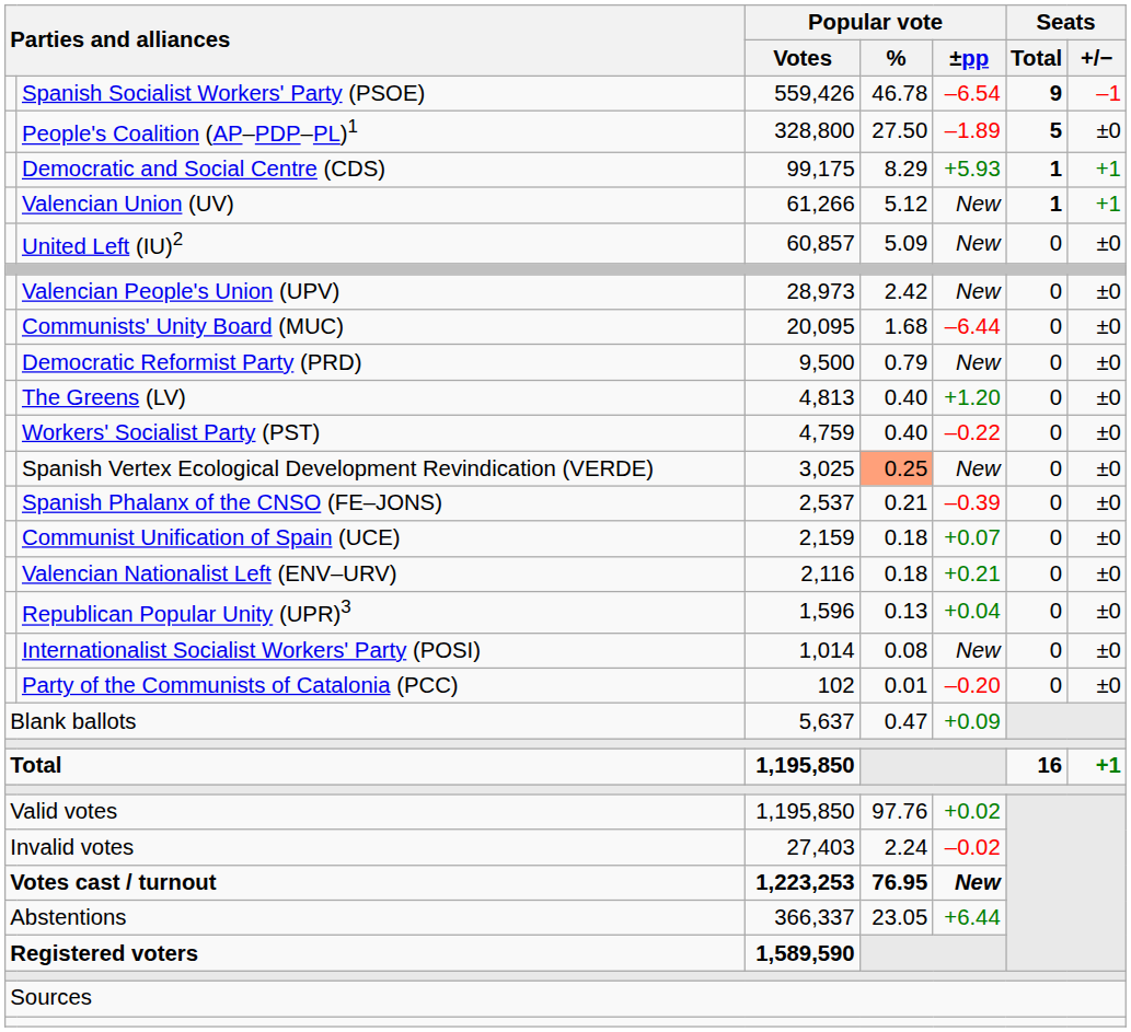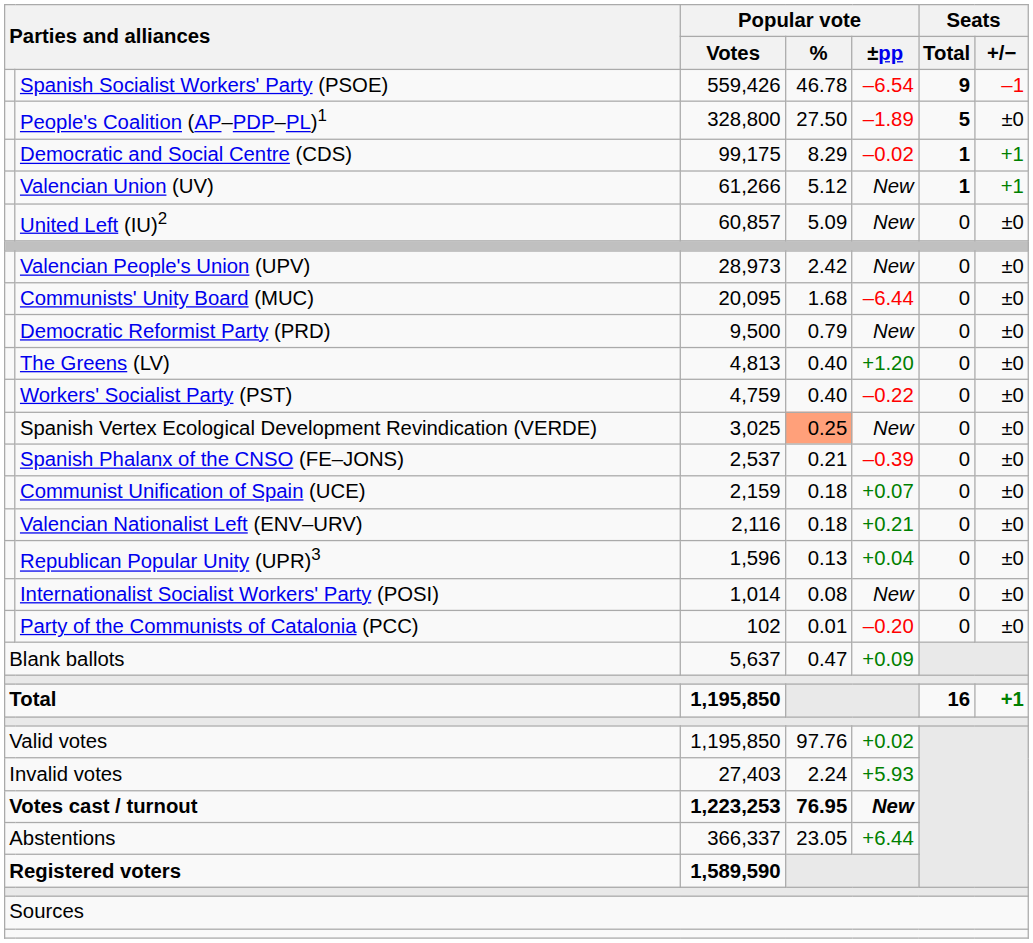 <table class="wikitable" style="text-align:right;">
 <tr>
 <th style="text-align:left;" rowspan="2" colspan="2" width="525">Parties and alliances</th>
 <th colspan="3">Popular vote</th>
 <th colspan="2">Seats</th>
 </tr>
 <tr>
 <th width="75">Votes</th>
 <th width="45">%</th>
 <th width="45">±<a href='#'>pp</a></th>
 <th width="35">Total</th>
 <th width="35">+/−</th>
 </tr>
 <tr>
 <td width="1" style="color:inherit;background:"></td>
 <td align="left"><a href='#'>Spanish Socialist Workers' Party</a> (PSOE)</td>
 <td>559,426</td>
 <td>46.78</td>
 <td style="color:red;">–6.54</td>
 <td><strong>9</strong></td>
 <td style="color:red;">–1</td>
 </tr>
 <tr>
 <td style="color:inherit;background:"></td>
 <td align="left"><a href='#'>People's Coalition</a> (<a href='#'>AP</a>–<a href='#'>PDP</a>–<a href='#'>PL</a>)<sup>1</sup></td>
 <td>328,800</td>
 <td>27.50</td>
 <td style="color:red;">–1.89</td>
 <td><strong>5</strong></td>
 <td>±0</td>
 </tr>
 <tr>
 <td style="color:inherit;background:"></td>
 <td align="left"><a href='#'>Democratic and Social Centre</a> (CDS)</td>
 <td>99,175</td>
 <td>8.29</td>
-<td style="color:green;">+5.93</td>
+<td style="color:red;">–0.02</td>
 <td><strong>1</strong></td>
 <td style="color:green;">+1</td>
 </tr>
 <tr>
 <td style="color:inherit;background:"></td>
 <td align="left"><a href='#'>Valencian Union</a> (UV)</td>
 <td>61,266</td>
 <td>5.12</td>
 <td><em>New</em></td>
 <td><strong>1</strong></td>
 <td style="color:green;">+1</td>
 </tr>
 <tr>
 <td style="color:inherit;background:"></td>
 <td align="left"><a href='#'>United Left</a> (IU)<sup>2</sup></td>
 <td>60,857</td>
 <td>5.09</td>
 <td><em>New</em></td>
 <td>0</td>
 <td>±0</td>
 </tr>
 <tr>
 <td colspan="7" bgcolor="#C0C0C0"></td>
 </tr>
 <tr>
 <td style="color:inherit;background:"></td>
 <td align="left"><a href='#'>Valencian People's Union</a> (UPV)</td>
 <td>28,973</td>
 <td>2.42</td>
 <td><em>New</em></td>
 <td>0</td>
 <td>±0</td>
 </tr>
 <tr>
 <td style="color:inherit;background:"></td>
 <td align="left"><a href='#'>Communists' Unity Board</a> (MUC)</td>
 <td>20,095</td>
 <td>1.68</td>
 <td style="color:red;">–6.44</td>
 <td>0</td>
 <td>±0</td>
 </tr>
 <tr>
 <td style="color:inherit;background:"></td>
 <td align="left"><a href='#'>Democratic Reformist Party</a> (PRD)</td>
 <td>9,500</td>
 <td>0.79</td>
 <td><em>New</em></td>
 <td>0</td>
 <td>±0</td>
 </tr>
 <tr>
 <td style="color:inherit;background:"></td>
 <td align="left"><a href='#'>The Greens</a> (LV)</td>
 <td>4,813</td>
 <td>0.40</td>
 <td style="color:green;">+1.20</td>
 <td>0</td>
 <td>±0</td>
 </tr>
 <tr>
 <td style="color:inherit;background:"></td>
 <td align="left"><a href='#'>Workers' Socialist Party</a> (PST)</td>
 <td>4,759</td>
 <td>0.40</td>
 <td style="color:red;">–0.22</td>
 <td>0</td>
 <td>±0</td>
 </tr>
 <tr>
 <td style="color:inherit;background:"></td>
 <td align="left">Spanish Vertex Ecological Development Revindication (VERDE)</td>
 <td>3,025</td>
 <td style="background: lightsalmon;">0.25</td>
 <td><em>New</em></td>
 <td>0</td>
 <td>±0</td>
 </tr>
 <tr>
 <td style="color:inherit;background:"></td>
 <td align="left"><a href='#'>Spanish Phalanx of the CNSO</a> (FE–JONS)</td>
 <td>2,537</td>
 <td>0.21</td>
 <td style="color:red;">–0.39</td>
 <td>0</td>
 <td>±0</td>
 </tr>
 <tr>
 <td style="color:inherit;background:"></td>
 <td align="left"><a href='#'>Communist Unification of Spain</a> (UCE)</td>
 <td>2,159</td>
 <td>0.18</td>
 <td style="color:green;">+0.07</td>
 <td>0</td>
 <td>±0</td>
 </tr>
 <tr>
 <td style="color:inherit;background:"></td>
 <td align="left"><a href='#'>Valencian Nationalist Left</a> (ENV–URV)</td>
 <td>2,116</td>
 <td>0.18</td>
 <td style="color:green;">+0.21</td>
 <td>0</td>
 <td>±0</td>
 </tr>
 <tr>
 <td style="color:inherit;background:"></td>
 <td align="left"><a href='#'>Republican Popular Unity</a> (UPR)<sup>3</sup></td>
 <td>1,596</td>
 <td>0.13</td>
 <td style="color:green;">+0.04</td>
 <td>0</td>
 <td>±0</td>
 </tr>
 <tr>
 <td style="color:inherit;background:"></td>
 <td align="left"><a href='#'>Internationalist Socialist Workers' Party</a> (POSI)</td>
 <td>1,014</td>
 <td>0.08</td>
 <td><em>New</em></td>
 <td>0</td>
 <td>±0</td>
 </tr>
 <tr>
 <td style="color:inherit;background:"></td>
 <td align="left"><a href='#'>Party of the Communists of Catalonia</a> (PCC)</td>
 <td>102</td>
 <td>0.01</td>
 <td style="color:red;">–0.20</td>
 <td>0</td>
 <td>±0</td>
 </tr>
 <tr>
 <td align="left" colspan="2">Blank ballots</td>
 <td>5,637</td>
 <td>0.47</td>
 <td style="color:green;">+0.09</td>
 <td bgcolor="#E9E9E9" colspan="2"></td>
 </tr>
 <tr>
 <td colspan="7" bgcolor="#E9E9E9"></td>
 </tr>
 <tr style="font-weight:bold;">
 <td align="left" colspan="2">Total</td>
 <td>1,195,850</td>
 <td bgcolor="#E9E9E9" colspan="2"></td>
 <td>16</td>
 <td style="color:green;">+1</td>
 </tr>
 <tr>
 <td colspan="7" bgcolor="#E9E9E9"></td>
 </tr>
 <tr>
 <td align="left" colspan="2">Valid votes</td>
 <td>1,195,850</td>
 <td>97.76</td>
 <td style="color:green;">+0.02</td>
 <td bgcolor="#E9E9E9" colspan="2" rowspan="5"></td>
 </tr>
 <tr>
 <td align="left" colspan="2">Invalid votes</td>
 <td>27,403</td>
 <td>2.24</td>
-<td style="color:red;">–0.02</td>
+<td style="color:green;">+5.93</td>
 </tr>
 <tr style="font-weight:bold;">
 <td align="left" colspan="2">Votes cast / turnout</td>
 <td>1,223,253</td>
 <td>76.95</td>
 <td><em>New</em></td>
 </tr>
 <tr>
 <td align="left" colspan="2">Abstentions</td>
 <td>366,337</td>
 <td>23.05</td>
 <td style="color:green;">+6.44</td>
 </tr>
 <tr style="font-weight:bold;">
 <td align="left" colspan="2">Registered voters</td>
 <td>1,589,590</td>
 <td bgcolor="#E9E9E9" colspan="2"></td>
 </tr>
 <tr>
 <td colspan="7" bgcolor="#E9E9E9"></td>
 </tr>
 <tr>
 <td align="left" colspan="7">Sources</td>
 </tr>
 <tr>
 <td colspan="7" style="text-align:left; max-width:790px;"></td>
 </tr>
 </table>
